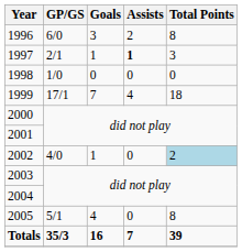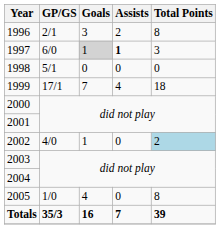 <table class="wikitable">
 <tr>
 <th>Year</th>
 <th>GP/GS</th>
 <th>Goals</th>
 <th>Assists</th>
 <th>Total Points</th>
 </tr>
 <tr>
 <td>1996</td>
-<td>6/0</td>
+<td>2/1</td>
 <td>3</td>
 <td>2</td>
 <td>8</td>
 </tr>
 <tr>
 <td>1997</td>
-<td>2/1</td>
-<td>1</td>
+<td>6/0</td>
+<td style="background: lightgrey;">1</td>
 <td><strong>1</strong></td>
 <td>3</td>
 </tr>
 <tr>
 <td>1998</td>
-<td>1/0</td>
+<td>5/1</td>
 <td>0</td>
 <td>0</td>
 <td>0</td>
 </tr>
 <tr>
 <td>1999</td>
 <td>17/1</td>
 <td>7</td>
 <td>4</td>
 <td>18</td>
 </tr>
 <tr>
 <td>2000</td>
 <td colspan=4 rowspan=2 align=center><em>did not play</em></td>
 </tr>
 <tr>
 <td>2001</td>
 </tr>
 <tr>
 <td>2002</td>
 <td>4/0</td>
 <td>1</td>
 <td>0</td>
 <td style="background: lightblue;">2</td>
 </tr>
 <tr>
 <td>2003</td>
 <td colspan=4 rowspan=2 align=center><em>did not play</em></td>
 </tr>
 <tr>
 <td>2004</td>
 </tr>
 <tr>
 <td>2005</td>
-<td>5/1</td>
+<td>1/0</td>
 <td>4</td>
 <td>0</td>
 <td>8</td>
 </tr>
 <tr>
 <td><strong>Totals</strong></td>
 <td><strong>35/3</strong></td>
 <td><strong>16</strong></td>
 <td><strong>7</strong></td>
 <td><strong>39</strong></td>
 </tr>
 <tr>
 </tr>
 </table>
